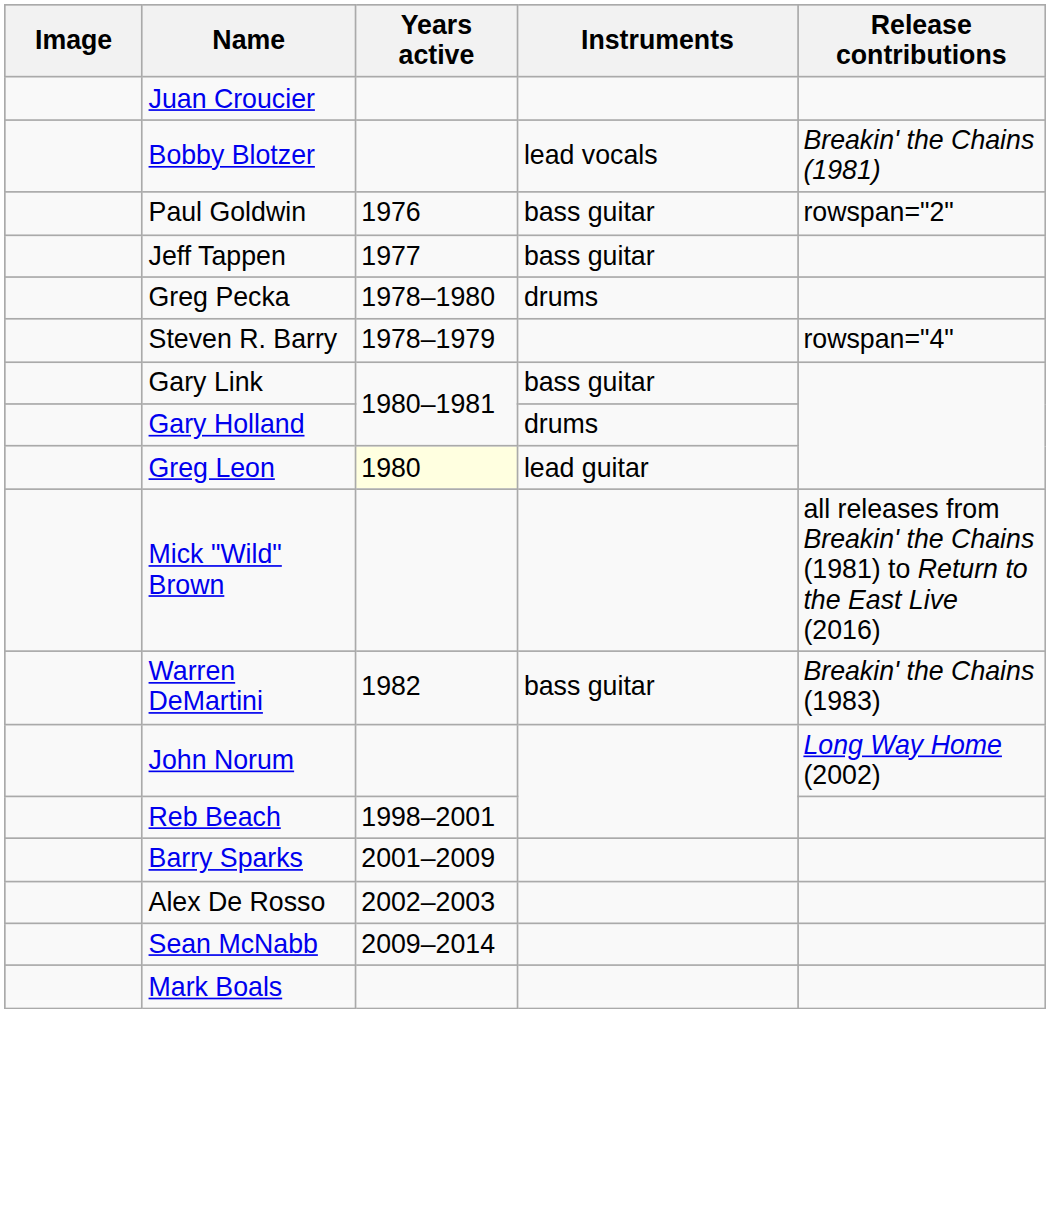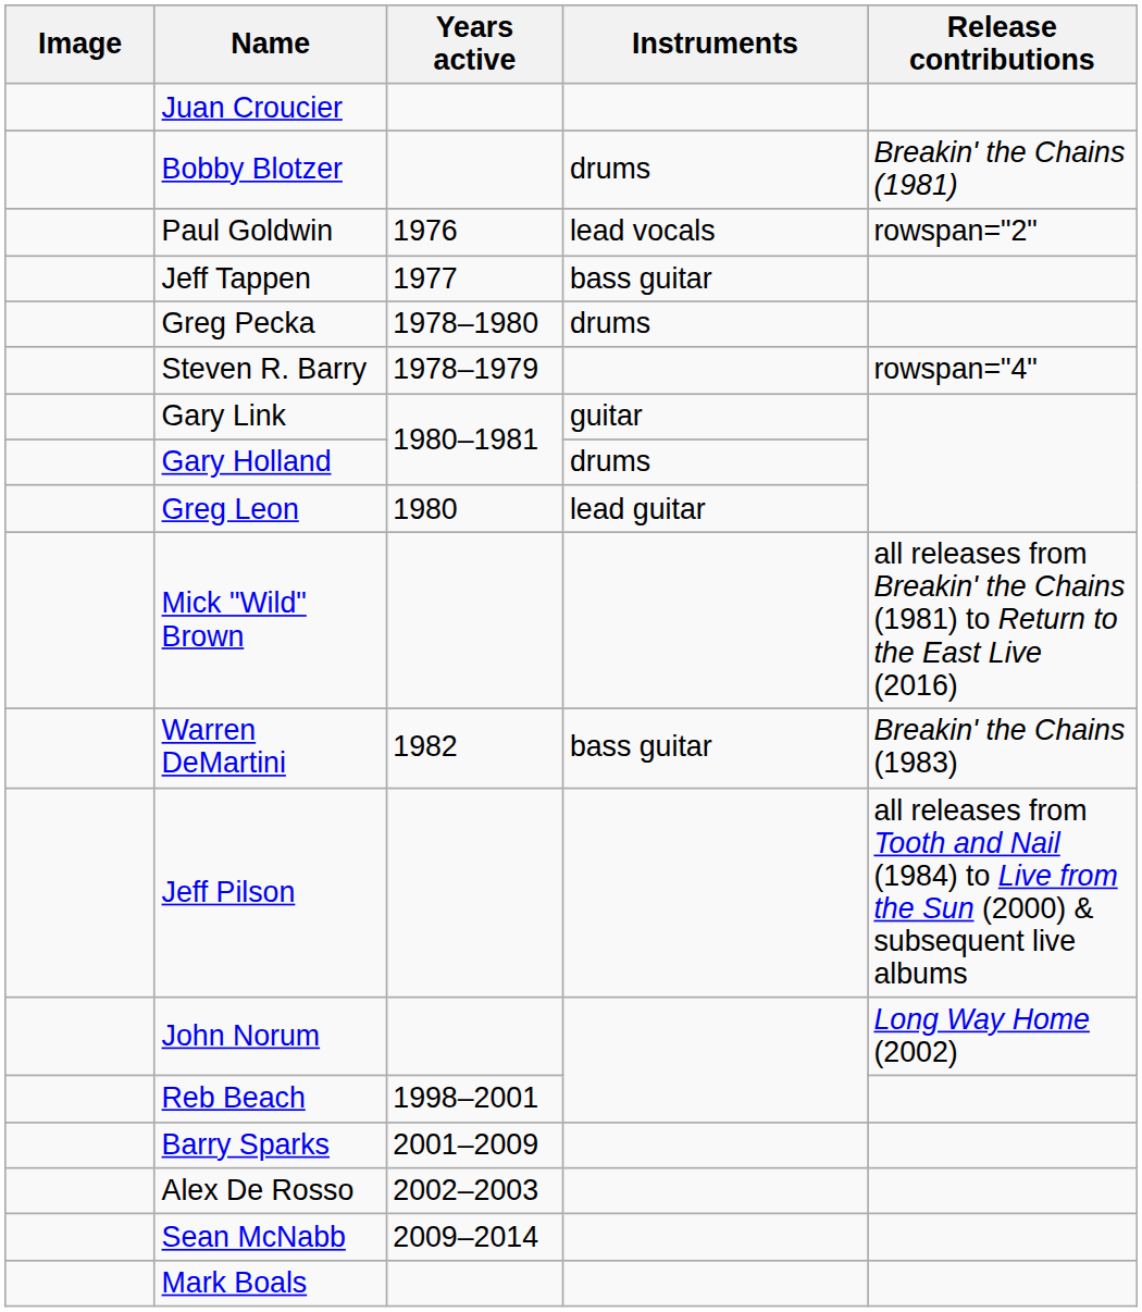 <table class="wikitable" border="1" width=100%>
 <tr>
 <th width="75">Image</th>
 <th width="120">Name</th>
 <th width="90">Years active</th>
 <th width="160">Instruments</th>
 <th>Release contributions</th>
 </tr>
 <tr>
 <td></td>
 <td><a href='#'>Juan Croucier</a></td>
 <td></td>
 <td></td>
 <td></td>
 </tr>
 <tr>
 <td></td>
 <td><a href='#'>Bobby Blotzer</a></td>
 <td></td>
-<td>lead vocals</td>
+<td>drums</td>
 <td {{hlist><em>Breakin' the Chains (1981)</em> </td>
 </tr>
 <tr>
 <td></td>
 <td>Paul Goldwin</td>
 <td>1976</td>
-<td>bass guitar</td>
+<td>lead vocals</td>
 <td>rowspan="2" </td>
 </tr>
 <tr>
 <td></td>
 <td>Jeff Tappen</td>
 <td>1977</td>
 <td>bass guitar</td>
 </tr>
 <tr>
 <td></td>
 <td>Greg Pecka</td>
 <td>1978–1980</td>
 <td>drums</td>
 <td></td>
 </tr>
 <tr>
 <td></td>
 <td>Steven R. Barry</td>
 <td>1978–1979</td>
 <td></td>
 <td>rowspan="4" </td>
 </tr>
 <tr>
 <td></td>
 <td>Gary Link</td>
 <td rowspan="2">1980–1981</td>
-<td>bass guitar</td>
+<td>guitar</td>
 </tr>
 <tr>
 <td></td>
 <td><a href='#'>Gary Holland</a></td>
 <td>drums</td>
 </tr>
 <tr>
 <td></td>
 <td><a href='#'>Greg Leon</a></td>
-<td style="background: lightyellow;">1980</td>
+<td>1980</td>
 <td>lead guitar</td>
 </tr>
 <tr>
 <td></td>
 <td><a href='#'>Mick "Wild" Brown</a></td>
 <td></td>
 <td></td>
 <td>all releases from <em>Breakin' the Chains</em> (1981) to <em>Return to the East Live</em> (2016)</td>
 </tr>
 <tr>
 <td></td>
 <td><a href='#'>Warren DeMartini</a></td>
 <td>1982</td>
 <td>bass guitar</td>
 <td><em>Breakin' the Chains</em> (1983) </td>
+</tr>
+<tr>
+<td></td>
+<td><a href='#'>Jeff Pilson</a></td>
+<td></td>
+<td></td>
+<td {{hlist>all releases from <em><a href='#'>Tooth and Nail</a></em> (1984) to <em><a href='#'>Live from the Sun</a></em> (2000) & subsequent live albums</td>
 </tr>
 <tr>
 <td></td>
 <td><a href='#'>John Norum</a></td>
 <td></td>
 <td Rowspan="2"></td>
 <td><em><a href='#'>Long Way Home</a></em> (2002)</td>
 </tr>
 <tr>
 <td></td>
 <td><a href='#'>Reb Beach</a></td>
 <td>1998–2001</td>
 <td></td>
 </tr>
 <tr>
 <td></td>
 <td><a href='#'>Barry Sparks</a></td>
 <td>2001–2009</td>
 <td></td>
 <td></td>
 </tr>
 <tr>
 <td></td>
 <td>Alex De Rosso</td>
 <td>2002–2003</td>
 <td></td>
 <td></td>
 </tr>
 <tr>
 <td></td>
 <td><a href='#'>Sean McNabb</a></td>
 <td>2009–2014</td>
 <td></td>
 <td></td>
 </tr>
 <tr>
 <td></td>
 <td><a href='#'>Mark Boals</a></td>
 <td></td>
 <td></td>
 <td></td>
 </tr>
 </table>
